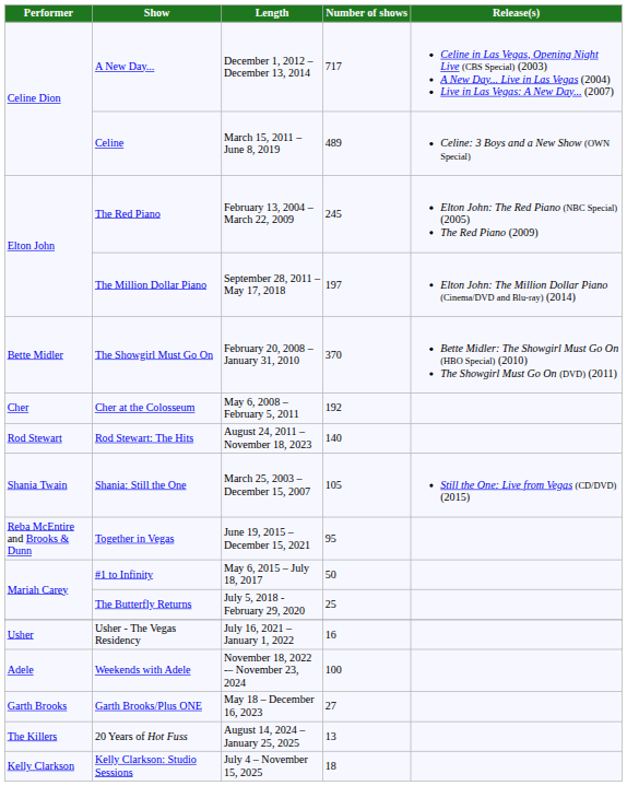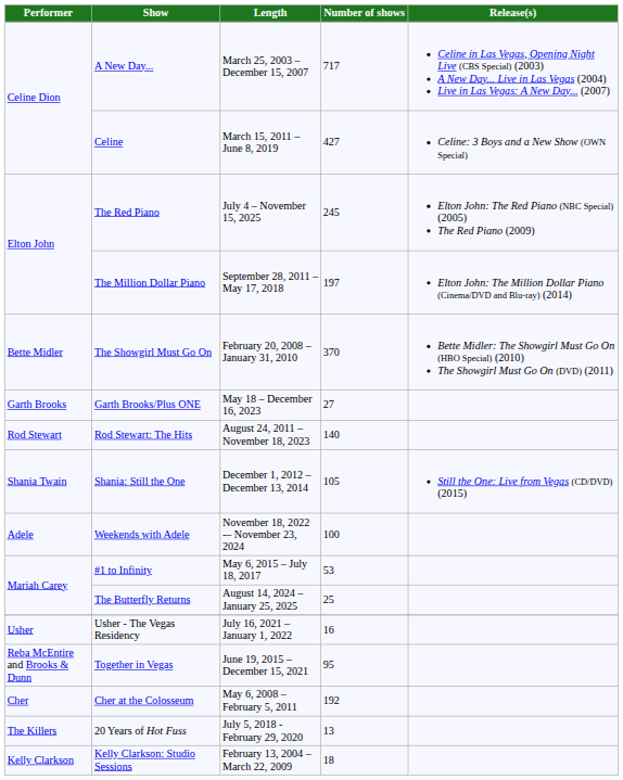 <table class="wikitable" style="margin:left; border:#88a; background:#f7f8ff; padding:5px;">
 <tr>
 <th style="color: #ffffff; background-color: #1e771e" width=120px;>Performer</th>
 <th style="color: #ffffff; background-color: #1e771e" width=180px;>Show</th>
 <th style="color: #ffffff; background-color: #1e771e" width=140px;>Length</th>
 <th style="color: #ffffff; background-color: #1e771e" width=120px;>Number of shows</th>
 <th style="color: #ffffff; background-color: #1e771e" width=300px;>Release(s)</th>
 </tr>
 <tr>
 <td rowspan="2"><a href='#'>Celine Dion</a></td>
 <td><a href='#'>A New Day...</a></td>
-<td>December 1, 2012 – December 13, 2014</td>
+<td>March 25, 2003 – December 15, 2007</td>
 <td>717</td>
 <td><br><ul><li><em><a href='#'>Celine in Las Vegas, Opening Night Live</a></em> <small>(CBS Special)</small> (2003)</li><li><em><a href='#'>A New Day... Live in Las Vegas</a></em> (2004)</li><li><em><a href='#'>Live in Las Vegas: A New Day...</a></em> (2007)</li></ul></td>
 </tr>
 <tr>
 <td><a href='#'>Celine</a></td>
 <td>March 15, 2011  – June 8, 2019</td>
-<td>489</td>
+<td>427</td>
 <td><br><ul><li><em>Celine: 3 Boys and a New Show</em> <small>(OWN Special)</small></li></ul></td>
 </tr>
 <tr>
 <td rowspan="2"><a href='#'>Elton John</a></td>
 <td><a href='#'>The Red Piano</a></td>
-<td>February 13, 2004 – March 22, 2009</td>
+<td>July 4 – November 15, 2025</td>
 <td>245</td>
 <td><br><ul><li><em>Elton John: The Red Piano</em> <small>(NBC Special)</small> (2005)</li><li><em>The Red Piano</em> (2009)</li></ul></td>
 </tr>
 <tr>
 <td><a href='#'>The Million Dollar Piano</a></td>
 <td>September 28, 2011 – May 17, 2018</td>
 <td>197</td>
 <td><br><ul><li><em>Elton John: The Million Dollar Piano</em> <small>(Cinema/DVD and Blu-ray)</small> (2014)</li></ul></td>
 </tr>
 <tr>
 <td><a href='#'>Bette Midler</a></td>
 <td><a href='#'>The Showgirl Must Go On</a></td>
 <td>February 20, 2008 – January 31, 2010</td>
 <td>370</td>
 <td><br><ul><li><em>Bette Midler: The Showgirl Must Go On</em> <small>(HBO Special)</small> (2010)</li><li><em>The Showgirl Must Go On</em> <small>(DVD)</small> (2011)</li></ul></td>
 </tr>
 <tr>
-<td><a href='#'>Cher</a></td>
-<td><a href='#'>Cher at the Colosseum</a></td>
-<td>May 6, 2008 – February 5, 2011</td>
-<td>192</td>
+<td><a href='#'>Garth Brooks</a></td>
+<td><a href='#'>Garth Brooks/Plus ONE</a></td>
+<td>May 18 – December 16, 2023</td>
+<td>27</td>
 <td></td>
 </tr>
 <tr>
 <td><a href='#'>Rod Stewart</a></td>
 <td><a href='#'>Rod Stewart: The Hits</a></td>
 <td>August 24, 2011 – November 18, 2023</td>
 <td>140</td>
 <td></td>
 </tr>
 <tr>
 <td><a href='#'>Shania Twain</a></td>
 <td><a href='#'>Shania: Still the One</a></td>
-<td>March 25, 2003 – December 15, 2007</td>
+<td>December 1, 2012 – December 13, 2014</td>
 <td>105</td>
 <td><br><ul><li><em><a href='#'>Still the One: Live from Vegas</a></em> <small>(CD/DVD)</small> (2015)</li></ul></td>
 </tr>
 <tr>
-<td><a href='#'>Reba McEntire</a> and <a href='#'>Brooks & Dunn</a></td>
-<td><a href='#'>Together in Vegas</a></td>
-<td>June 19, 2015 – December 15, 2021</td>
-<td>95</td>
+<td><a href='#'>Adele</a></td>
+<td><a href='#'>Weekends with Adele</a></td>
+<td>November 18, 2022 -– November 23, 2024</td>
+<td>100</td>
 <td></td>
 </tr>
 <tr>
 <td rowspan="2"><a href='#'>Mariah Carey</a></td>
 <td><a href='#'>#1 to Infinity</a></td>
 <td>May 6, 2015 – July 18, 2017</td>
-<td>50</td>
+<td>53</td>
 <td></td>
 </tr>
 <tr>
 <td><a href='#'>The Butterfly Returns</a></td>
-<td>July 5, 2018 - February 29, 2020</td>
+<td>August 14, 2024 – January 25, 2025</td>
 <td>25</td>
 <td></td>
 </tr>
 <tr>
 </tr>
 <tr>
 <td><a href='#'>Usher</a></td>
 <td>Usher - The Vegas Residency</td>
 <td>July 16, 2021 – January 1, 2022</td>
 <td>16</td>
 <td></td>
 </tr>
 <tr>
-<td><a href='#'>Adele</a></td>
-<td><a href='#'>Weekends with Adele</a></td>
-<td>November 18, 2022 -– November 23, 2024</td>
-<td>100</td>
+<td><a href='#'>Reba McEntire</a> and <a href='#'>Brooks & Dunn</a></td>
+<td><a href='#'>Together in Vegas</a></td>
+<td>June 19, 2015 – December 15, 2021</td>
+<td>95</td>
 <td></td>
 </tr>
 <tr>
-<td><a href='#'>Garth Brooks</a></td>
-<td><a href='#'>Garth Brooks/Plus ONE</a></td>
-<td>May 18 – December 16, 2023</td>
-<td>27</td>
+<td><a href='#'>Cher</a></td>
+<td><a href='#'>Cher at the Colosseum</a></td>
+<td>May 6, 2008 – February 5, 2011</td>
+<td>192</td>
 <td></td>
 </tr>
 <tr>
 <td><a href='#'>The Killers</a></td>
 <td>20 Years of <em>Hot Fuss</em></td>
-<td>August 14, 2024 – January 25, 2025</td>
+<td>July 5, 2018 - February 29, 2020</td>
 <td>13</td>
 <td></td>
 </tr>
 <tr>
 <td><a href='#'>Kelly Clarkson</a></td>
 <td><a href='#'>Kelly Clarkson: Studio Sessions</a></td>
-<td>July 4 – November 15, 2025</td>
+<td>February 13, 2004 – March 22, 2009</td>
 <td>18</td>
 <td></td>
 </tr>
 </table>
